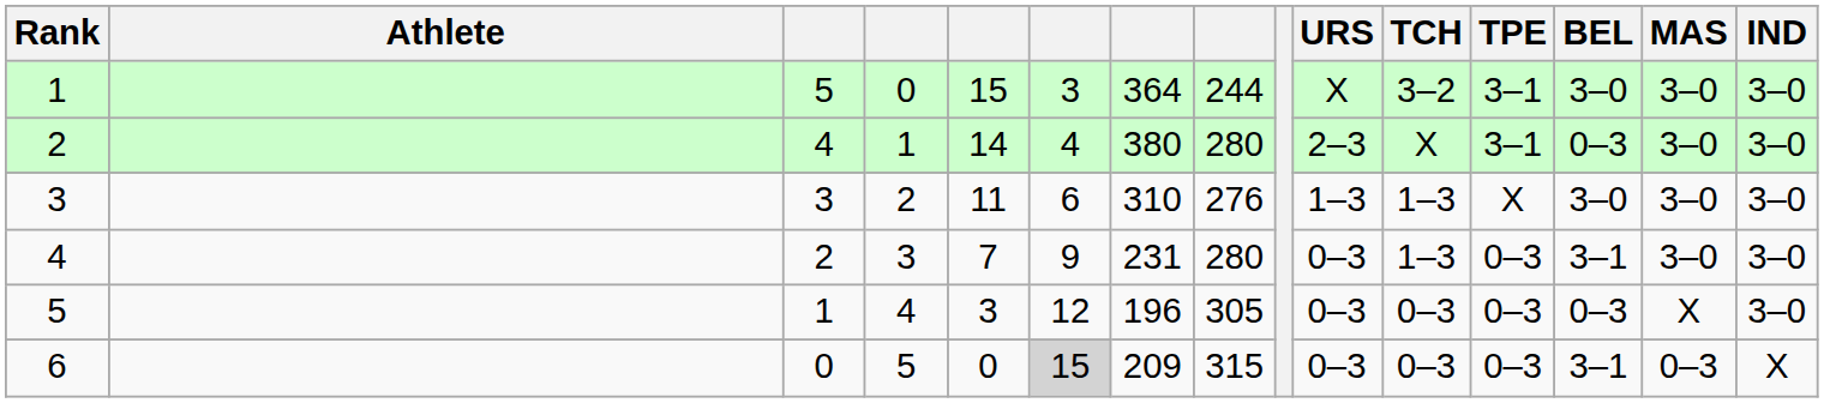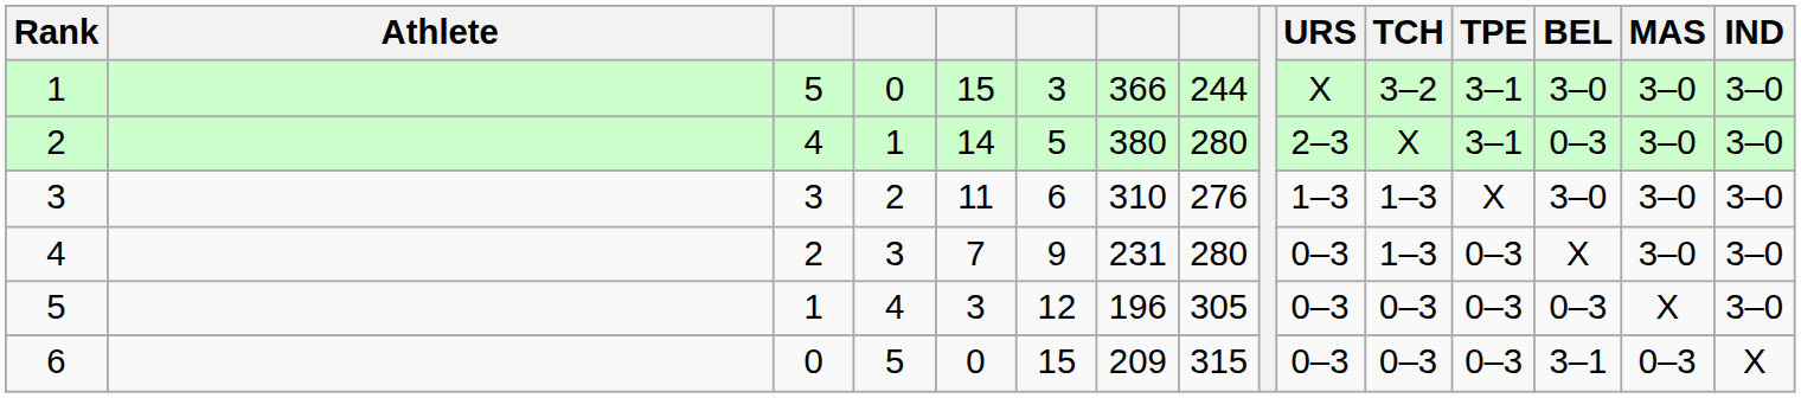 <table class="wikitable" style="text-align:center">
 <tr>
 <th>Rank</th>
 <th width=300>Athlete</th>
 <th width=30></th>
 <th width=30></th>
 <th width=30></th>
 <th width=30></th>
 <th width=30></th>
 <th width=30></th>
 <th rowspan=7></th>
 <th width=30>URS</th>
 <th width=30>TCH</th>
 <th width=30>TPE</th>
 <th width=30>BEL</th>
 <th width=30>MAS</th>
 <th width=30>IND</th>
 </tr>
 <tr style="background-color:#ccffcc;">
 <td>1</td>
 <td align=left></td>
 <td>5</td>
 <td>0</td>
 <td>15</td>
 <td>3</td>
-<td>364</td>
+<td>366</td>
 <td>244</td>
 <td>X</td>
 <td>3–2</td>
 <td>3–1</td>
 <td>3–0</td>
 <td>3–0</td>
 <td>3–0</td>
 </tr>
 <tr style="background-color:#ccffcc;">
 <td>2</td>
 <td align=left></td>
 <td>4</td>
 <td>1</td>
 <td>14</td>
-<td>4</td>
+<td>5</td>
 <td>380</td>
 <td>280</td>
 <td>2–3</td>
 <td>X</td>
 <td>3–1</td>
 <td>0–3</td>
 <td>3–0</td>
 <td>3–0</td>
 </tr>
 <tr>
 <td>3</td>
 <td align=left></td>
 <td>3</td>
 <td>2</td>
 <td>11</td>
 <td>6</td>
 <td>310</td>
 <td>276</td>
 <td>1–3</td>
 <td>1–3</td>
 <td>X</td>
 <td>3–0</td>
 <td>3–0</td>
 <td>3–0</td>
 </tr>
 <tr>
 <td>4</td>
 <td align=left></td>
 <td>2</td>
 <td>3</td>
 <td>7</td>
 <td>9</td>
 <td>231</td>
 <td>280</td>
 <td>0–3</td>
 <td>1–3</td>
 <td>0–3</td>
-<td>3–1</td>
+<td>X</td>
 <td>3–0</td>
 <td>3–0</td>
 </tr>
 <tr>
 <td>5</td>
 <td align=left></td>
 <td>1</td>
 <td>4</td>
 <td>3</td>
 <td>12</td>
 <td>196</td>
 <td>305</td>
 <td>0–3</td>
 <td>0–3</td>
 <td>0–3</td>
 <td>0–3</td>
 <td>X</td>
 <td>3–0</td>
 </tr>
 <tr>
 <td>6</td>
 <td align=left></td>
 <td>0</td>
 <td>5</td>
 <td>0</td>
-<td style="background: lightgrey;">15</td>
+<td>15</td>
 <td>209</td>
 <td>315</td>
 <td>0–3</td>
 <td>0–3</td>
 <td>0–3</td>
 <td>3–1</td>
 <td>0–3</td>
 <td>X</td>
 </tr>
 </table>
